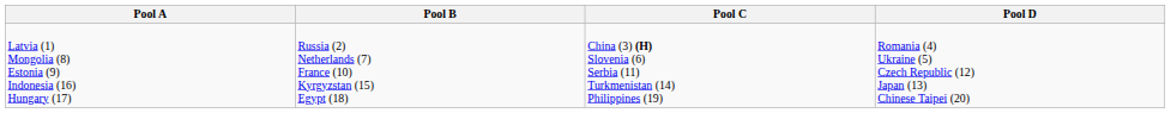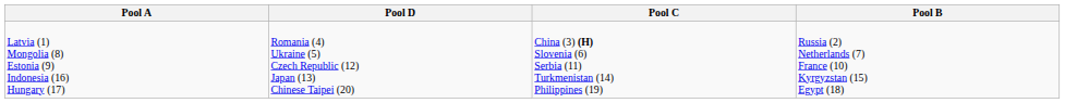 <table class="wikitable" width=80%>
 <tr>
 <th width=25%><strong>Pool A</strong></th>
+<th width=25%><strong>Pool D</strong></th>
+<th width=25%><strong>Pool C</strong></th>
 <th width=25%><strong>Pool B</strong></th>
-<th width=25%><strong>Pool C</strong></th>
-<th width=25%><strong>Pool D</strong></th>
 </tr>
 <tr>
 <td><br> <a href='#'>Latvia</a> (1) <br>  <a href='#'>Mongolia</a> (8) <br>  <a href='#'>Estonia</a> (9) <br>  <a href='#'>Indonesia</a> (16) <br>  <a href='#'>Hungary</a> (17) <br></td>
+<td><br> <a href='#'>Romania</a> (4) <br>  <a href='#'>Ukraine</a> (5) <br>  <a href='#'>Czech Republic</a> (12) <br>  <a href='#'>Japan</a> (13) <br>  <a href='#'>Chinese Taipei</a> (20) <br></td>
+<td><br> <a href='#'>China</a> (3) <strong>(H)</strong> <br>   <a href='#'>Slovenia</a> (6) <br>   <a href='#'>Serbia</a> (11) <br>   <a href='#'>Turkmenistan</a> (14)  <br>  <a href='#'>Philippines</a> (19) <br></td>
 <td><br> <a href='#'>Russia</a> (2) <br>  <a href='#'>Netherlands</a> (7)<br>   <a href='#'>France</a> (10)<br>   <a href='#'>Kyrgyzstan</a> (15) <br>  <a href='#'>Egypt</a> (18) <br></td>
-<td><br> <a href='#'>China</a> (3) <strong>(H)</strong> <br>   <a href='#'>Slovenia</a> (6) <br>   <a href='#'>Serbia</a> (11) <br>   <a href='#'>Turkmenistan</a> (14)  <br>  <a href='#'>Philippines</a> (19) <br></td>
-<td><br> <a href='#'>Romania</a> (4) <br>  <a href='#'>Ukraine</a> (5) <br>  <a href='#'>Czech Republic</a> (12) <br>  <a href='#'>Japan</a> (13) <br>  <a href='#'>Chinese Taipei</a> (20) <br></td>
 </tr>
 </table>
